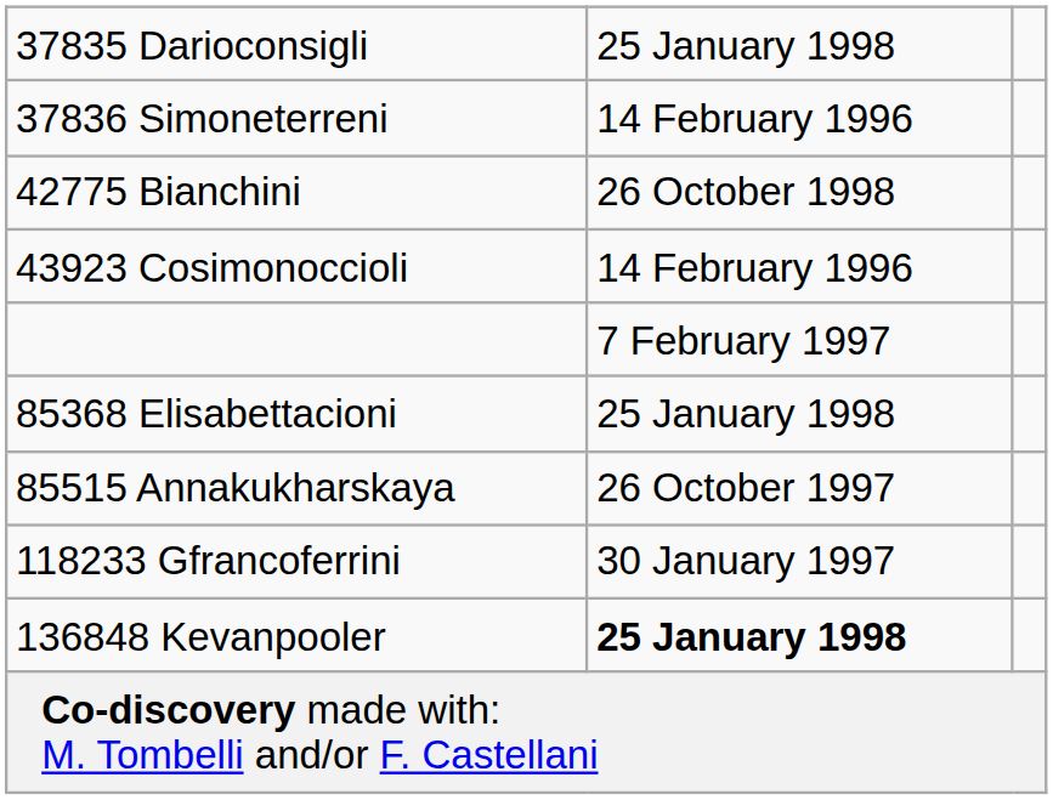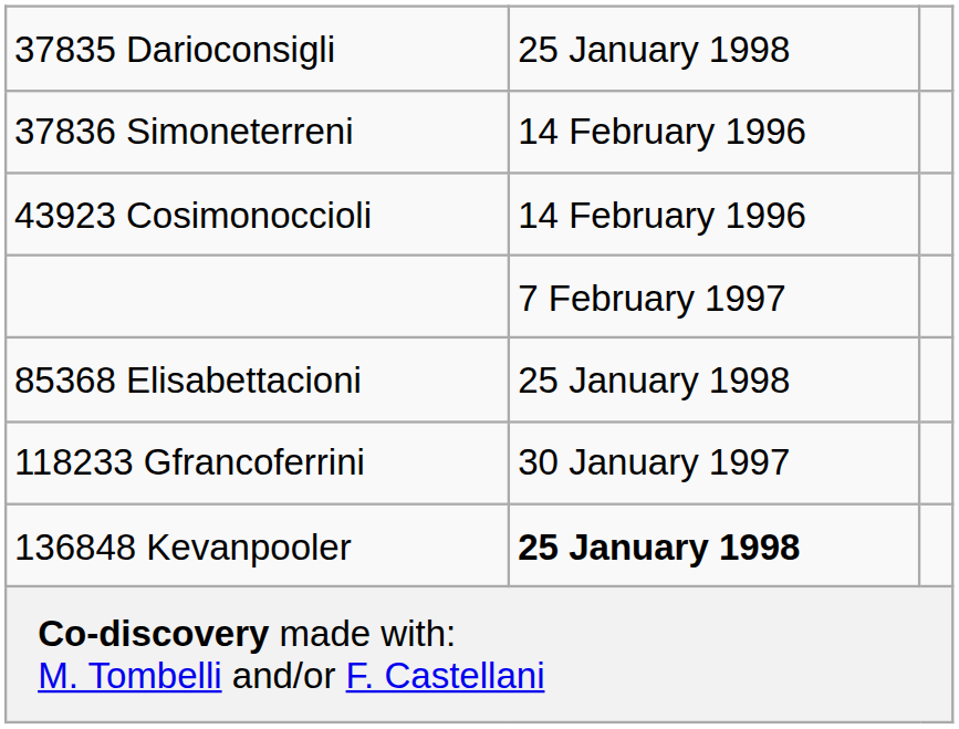 <table class="wikitable" style="font-size: 89%; float: left; width: 26em; margin-right: 1em; height: 280px;">
 <tr>
 <td>37835 Darioconsigli</td>
 <td>25 January 1998</td>
 <td> </td>
 </tr>
 <tr>
 <td>37836 Simoneterreni</td>
 <td>14 February 1996</td>
-<td> </td>
-</tr>
-<tr>
-<td>42775 Bianchini</td>
-<td>26 October 1998</td>
 <td> </td>
 </tr>
 <tr>
 <td>43923 Cosimonoccioli</td>
 <td>14 February 1996</td>
 <td> </td>
 </tr>
 <tr>
 <td></td>
 <td>7 February 1997</td>
 <td> </td>
 </tr>
 <tr>
 <td>85368 Elisabettacioni</td>
 <td>25 January 1998</td>
 <td> </td>
 </tr>
 <tr>
-<td>85515 Annakukharskaya</td>
-<td>26 October 1997</td>
-<td> </td>
-</tr>
-<tr>
 <td>118233 Gfrancoferrini</td>
 <td>30 January 1997</td>
 <td> </td>
 </tr>
 <tr>
 <td>136848 Kevanpooler</td>
 <td><strong>25 January 1998</strong></td>
 <td> </td>
 </tr>
 <tr>
 <th colspan=3 style="font-weight: normal; text-align: left; padding: 2px 12px;"><strong>Co-discovery</strong> made with:<br> <a href='#'>M. Tombelli</a> and/or  <a href='#'>F. Castellani</a></th>
 </tr>
 </table>
